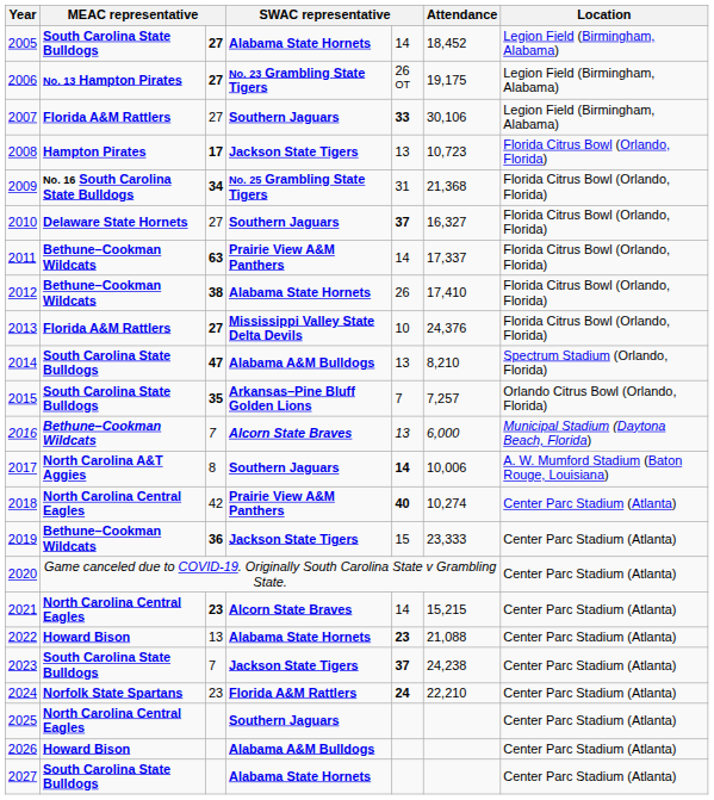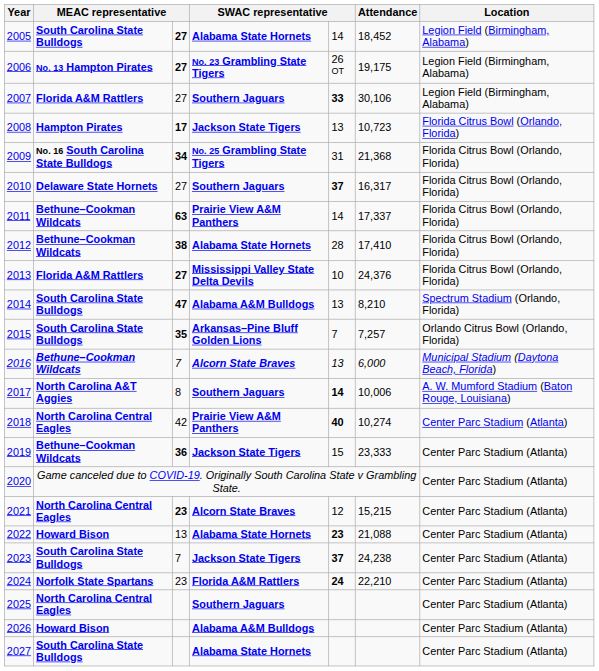 <table class="wikitable">
 <tr>
 <th>Year</th>
 <th colspan="2">MEAC representative</th>
 <th colspan="2">SWAC representative</th>
 <th>Attendance</th>
 <th>Location</th>
 </tr>
 <tr>
 <td><a href='#'>2005</a></td>
 <td><strong><a href='#'><span>South Carolina State Bulldogs</span></a></strong></td>
 <td><strong>27</strong></td>
 <td><strong><a href='#'><span>Alabama State Hornets</span></a></strong></td>
 <td>14</td>
 <td>18,452</td>
 <td><a href='#'>Legion Field</a> (<a href='#'>Birmingham, Alabama</a>)</td>
 </tr>
 <tr>
 <td><a href='#'>2006</a></td>
 <td><strong><a href='#'><span><small>No. 13</small> Hampton Pirates</span></a></strong></td>
 <td><strong>27</strong></td>
 <td><strong><a href='#'><span><small>No. 23</small> Grambling State Tigers</span></a></strong></td>
 <td>26 <sup>OT</sup></td>
 <td>19,175</td>
 <td>Legion Field (Birmingham, Alabama)</td>
 </tr>
 <tr>
 <td><a href='#'>2007</a></td>
 <td><strong><a href='#'><span>Florida A&M Rattlers</span></a></strong></td>
 <td>27</td>
 <td><strong><a href='#'><span>Southern Jaguars</span></a></strong></td>
 <td><strong>33</strong></td>
 <td>30,106</td>
 <td>Legion Field (Birmingham, Alabama)</td>
 </tr>
 <tr>
 <td><a href='#'>2008</a></td>
 <td><strong><a href='#'><span>Hampton Pirates</span></a></strong></td>
 <td><strong>17</strong></td>
 <td><strong><a href='#'><span>Jackson State Tigers</span></a></strong></td>
 <td>13</td>
 <td>10,723</td>
 <td><a href='#'>Florida Citrus Bowl</a> (<a href='#'>Orlando, Florida</a>)</td>
 </tr>
 <tr>
 <td><a href='#'>2009</a></td>
 <td><strong><small>No. 16</small> <a href='#'><span>South Carolina State Bulldogs</span></a></strong></td>
 <td><strong>34</strong></td>
 <td><strong><a href='#'><span><small>No. 25</small> Grambling State Tigers</span></a></strong></td>
 <td>31</td>
 <td>21,368</td>
 <td>Florida Citrus Bowl (Orlando, Florida)</td>
 </tr>
 <tr>
 <td><a href='#'>2010</a></td>
 <td><strong><a href='#'><span>Delaware State Hornets</span></a></strong></td>
 <td>27</td>
 <td><strong><a href='#'><span>Southern Jaguars</span></a></strong></td>
 <td><strong>37</strong></td>
-<td>16,327</td>
+<td>16,317</td>
 <td>Florida Citrus Bowl (Orlando, Florida)</td>
 </tr>
 <tr>
 <td><a href='#'>2011</a></td>
 <td><strong><a href='#'><span>Bethune–Cookman Wildcats</span></a></strong></td>
 <td><strong>63</strong></td>
 <td><strong><a href='#'><span>Prairie View A&M Panthers</span></a></strong></td>
 <td>14</td>
 <td>17,337</td>
 <td>Florida Citrus Bowl (Orlando, Florida)</td>
 </tr>
 <tr>
 <td><a href='#'>2012</a></td>
 <td><strong><a href='#'><span>Bethune–Cookman Wildcats</span></a></strong></td>
 <td><strong>38</strong></td>
 <td><strong><a href='#'><span>Alabama State Hornets</span></a></strong></td>
-<td>26</td>
+<td>28</td>
 <td>17,410</td>
 <td>Florida Citrus Bowl (Orlando, Florida)</td>
 </tr>
 <tr>
 <td><a href='#'>2013</a></td>
 <td><strong><a href='#'><span>Florida A&M Rattlers</span></a></strong></td>
 <td><strong>27</strong></td>
 <td><strong><a href='#'><span>Mississippi Valley State Delta Devils</span></a></strong></td>
 <td>10</td>
 <td>24,376</td>
 <td>Florida Citrus Bowl (Orlando, Florida)</td>
 </tr>
 <tr>
 <td><a href='#'>2014</a></td>
 <td><strong><a href='#'><span>South Carolina State Bulldogs</span></a></strong></td>
 <td><strong>47</strong></td>
 <td><strong><a href='#'><span>Alabama A&M Bulldogs</span></a></strong></td>
 <td>13</td>
 <td>8,210</td>
 <td><a href='#'>Spectrum Stadium</a> (Orlando, Florida)</td>
 </tr>
 <tr>
 <td><a href='#'>2015</a></td>
 <td><strong><a href='#'><span>South Carolina State Bulldogs</span></a></strong></td>
 <td><strong>35</strong></td>
 <td><strong><a href='#'><span>Arkansas–Pine Bluff Golden Lions</span></a></strong></td>
 <td>7</td>
 <td>7,257</td>
 <td>Orlando Citrus Bowl (Orlando, Florida)</td>
 </tr>
 <tr>
 <td><em><a href='#'>2016</a></em></td>
 <td><strong><em><a href='#'><span>Bethune–Cookman Wildcats</span></a></em></strong></td>
 <td><em>7</em></td>
 <td><strong><em><a href='#'><span>Alcorn State Braves</span></a></em></strong></td>
 <td><em>13</em></td>
 <td><em>6,000</em></td>
 <td><em><a href='#'>Municipal Stadium</a> (<a href='#'>Daytona Beach, Florida</a></em>)</td>
 </tr>
 <tr>
 <td><a href='#'>2017</a></td>
 <td><strong><a href='#'><span>North Carolina A&T Aggies</span></a></strong></td>
 <td>8</td>
 <td><strong><a href='#'><span>Southern Jaguars</span></a></strong></td>
 <td><strong>14</strong></td>
 <td>10,006</td>
 <td><a href='#'>A. W. Mumford Stadium</a> (<a href='#'>Baton Rouge, Louisiana</a>)</td>
 </tr>
 <tr>
 <td><a href='#'>2018</a></td>
 <td><strong><a href='#'><span>North Carolina Central Eagles</span></a></strong></td>
 <td>42</td>
 <td><strong><a href='#'><span>Prairie View A&M Panthers</span></a></strong></td>
 <td><strong>40</strong></td>
 <td>10,274</td>
 <td><a href='#'>Center Parc Stadium</a> (<a href='#'>Atlanta</a>)</td>
 </tr>
 <tr>
 <td><a href='#'>2019</a></td>
 <td><strong><a href='#'><span>Bethune–Cookman Wildcats</span></a></strong></td>
 <td><strong>36</strong></td>
 <td><strong><a href='#'><span>Jackson State Tigers</span></a></strong></td>
 <td>15</td>
 <td>23,333</td>
 <td>Center Parc Stadium (Atlanta)</td>
 </tr>
 <tr>
 <td><a href='#'>2020</a></td>
 <td colspan=5 style="text-align:center"><em>Game canceled due to <a href='#'>COVID-19</a>. Originally South Carolina State v Grambling State.</td>
 <td>Center Parc Stadium (Atlanta)</td>
 </tr>
 <tr>
 <td><a href='#'>2021</a></td>
 <td><strong><a href='#'><span>North Carolina Central Eagles</span></a></strong></td>
 <td><strong>23</strong></td>
 <td><strong><a href='#'><span>Alcorn State Braves</span></a></strong></td>
-<td>14</td>
+<td>12</td>
 <td>15,215</td>
 <td>Center Parc Stadium (Atlanta)</td>
 </tr>
 <tr>
 <td><a href='#'>2022</a></td>
 <td><strong><a href='#'><span>Howard Bison</span></a></strong></td>
 <td>13</td>
 <td><strong><a href='#'><span>Alabama State Hornets</span></a></strong></td>
 <td><strong>23</strong></td>
 <td>21,088</td>
 <td>Center Parc Stadium (Atlanta)</td>
 </tr>
 <tr>
 <td><a href='#'>2023</a></td>
 <td><strong><a href='#'><span>South Carolina State Bulldogs</span></a></strong></td>
 <td>7</td>
 <td><strong><a href='#'><span>Jackson State Tigers</span></a></strong></td>
 <td><strong>37</strong></td>
 <td>24,238</td>
 <td>Center Parc Stadium (Atlanta)</td>
 </tr>
 <tr>
 <td><a href='#'>2024</a></td>
 <td><strong><a href='#'><span>Norfolk State Spartans</span></a></strong></td>
 <td>23</td>
 <td><strong><a href='#'><span>Florida A&M Rattlers</span></a></strong></td>
 <td><strong>24</strong></td>
 <td>22,210</td>
 <td>Center Parc Stadium (Atlanta)</td>
 </tr>
 <tr>
 <td><a href='#'>2025</a></td>
 <td><strong><a href='#'><span>North Carolina Central Eagles</span></a></strong></td>
 <td></td>
 <td><strong><a href='#'><span>Southern Jaguars</span></a></strong></td>
 <td></td>
 <td></td>
 <td>Center Parc Stadium (Atlanta)</td>
 </tr>
 <tr>
 <td><a href='#'>2026</a></td>
 <td><strong><a href='#'><span>Howard Bison</span></a></strong></td>
 <td></td>
 <td><strong><a href='#'><span>Alabama A&M Bulldogs</span></a></strong></td>
 <td></td>
 <td></td>
 <td>Center Parc Stadium (Atlanta)</td>
 </tr>
 <tr>
 <td><a href='#'>2027</a></td>
 <td><strong><a href='#'><span>South Carolina State Bulldogs</span></a></strong></td>
 <td></td>
 <td><strong><a href='#'><span>Alabama State Hornets</span></a></strong></td>
 <td></td>
 <td></td>
 <td>Center Parc Stadium (Atlanta)</td>
 </tr>
 </table>
